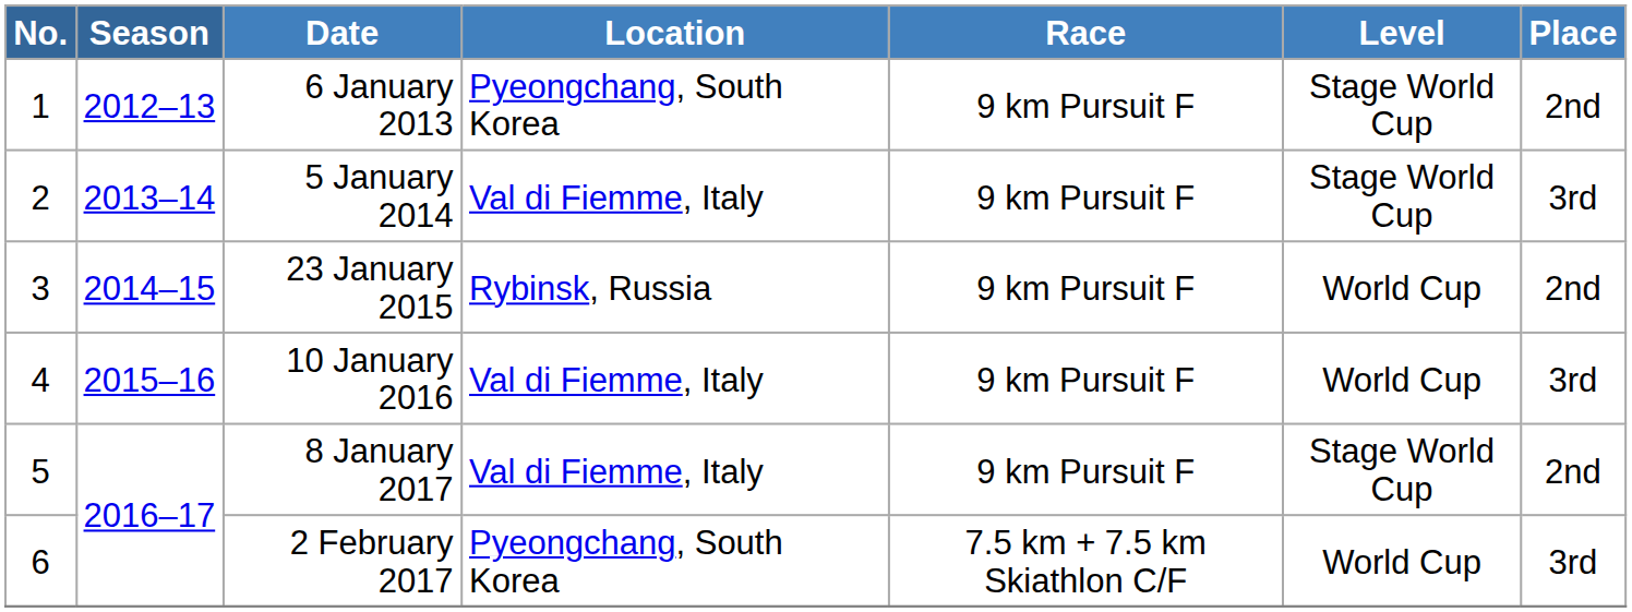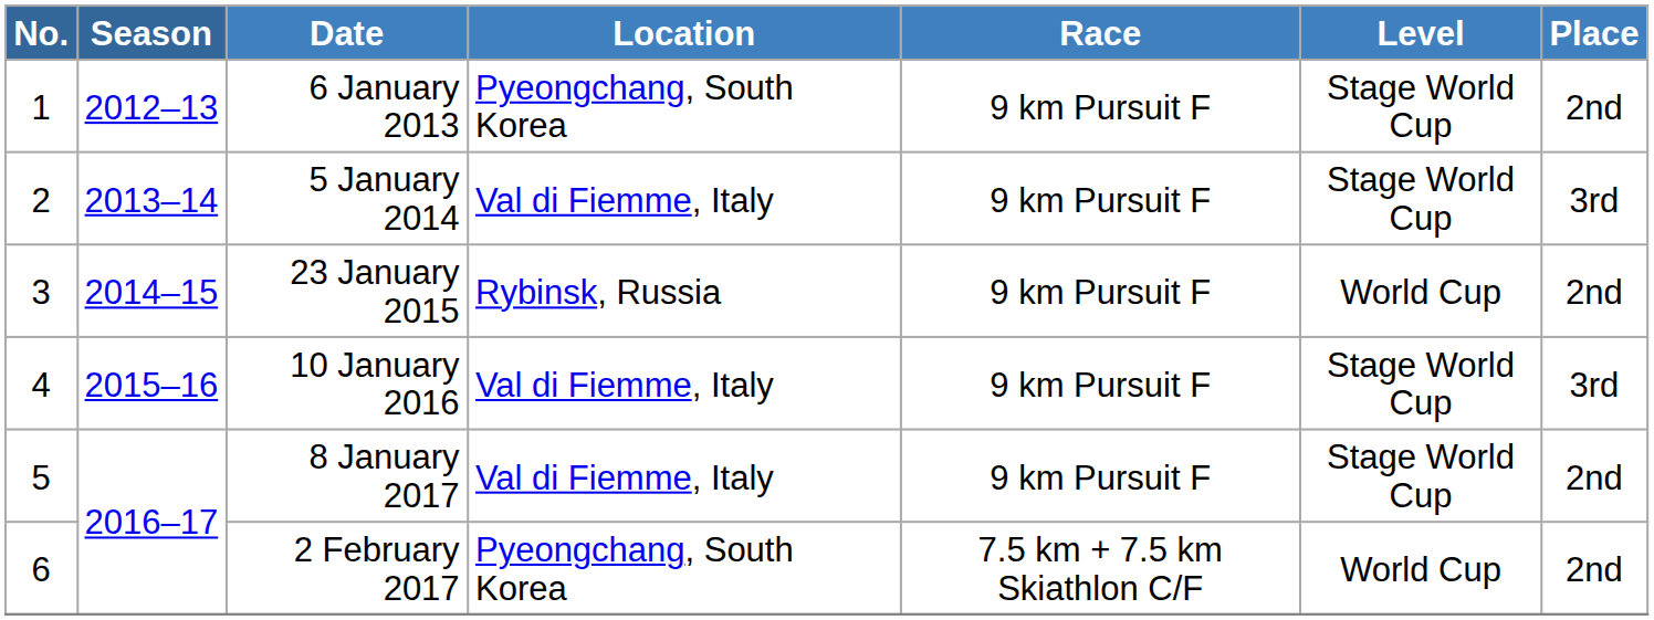 <table class="wikitable sortable" style="font-size:95%; text-align:center; border:grey solid 1px; border-collapse:collapse; background:#ffffff;">
 <tr style="background:#efefef;">
 <th style="background-color:#369; color:white;">No.</th>
 <th style="background-color:#369; color:white;">Season</th>
 <th style="background-color:#4180be; color:white; width:100px;">Date</th>
 <th style="background-color:#4180be; color:white; width:185px;">Location</th>
 <th style="background-color:#4180be; color:white; width:170px;">Race</th>
 <th style="background-color:#4180be; color:white; width:100px;">Level</th>
 <th style="background-color:#4180be; color:white;">Place</th>
 </tr>
 <tr>
 <td align=center>1</td>
 <td rowspan=1 align=center><a href='#'>2012–13</a></td>
 <td align=right>6 January 2013</td>
 <td align=left> <a href='#'>Pyeongchang</a>, South Korea</td>
 <td>9 km Pursuit F</td>
 <td>Stage World Cup</td>
 <td>2nd</td>
 </tr>
 <tr>
 <td align=center>2</td>
 <td rowspan=1 align=center><a href='#'>2013–14</a></td>
 <td align=right>5 January 2014</td>
 <td align=left> <a href='#'>Val di Fiemme</a>, Italy</td>
 <td>9 km Pursuit F</td>
 <td>Stage World Cup</td>
 <td>3rd</td>
 </tr>
 <tr>
 <td align=center>3</td>
 <td rowspan=1 align=center><a href='#'>2014–15</a></td>
 <td align=right>23 January 2015</td>
 <td align=left> <a href='#'>Rybinsk</a>, Russia</td>
 <td>9 km Pursuit F</td>
 <td>World Cup</td>
 <td>2nd</td>
 </tr>
 <tr>
 <td align=center>4</td>
 <td rowspan=1 align=center><a href='#'>2015–16</a></td>
 <td align=right>10 January 2016</td>
 <td align=left> <a href='#'>Val di Fiemme</a>, Italy</td>
 <td>9 km Pursuit F</td>
-<td>World Cup</td>
+<td>Stage World Cup</td>
 <td>3rd</td>
 </tr>
 <tr>
 <td align=center>5</td>
 <td rowspan=2 align=center><a href='#'>2016–17</a></td>
 <td align=right>8 January 2017</td>
 <td align=left> <a href='#'>Val di Fiemme</a>, Italy</td>
 <td>9 km Pursuit F</td>
 <td>Stage World Cup</td>
 <td>2nd</td>
 </tr>
 <tr>
 <td align=center>6</td>
 <td align=right>2 February 2017</td>
 <td align=left> <a href='#'>Pyeongchang</a>, South Korea</td>
 <td>7.5 km + 7.5 km Skiathlon C/F</td>
 <td>World Cup</td>
-<td>3rd</td>
+<td>2nd</td>
 </tr>
 <tr>
 </tr>
 </table>
